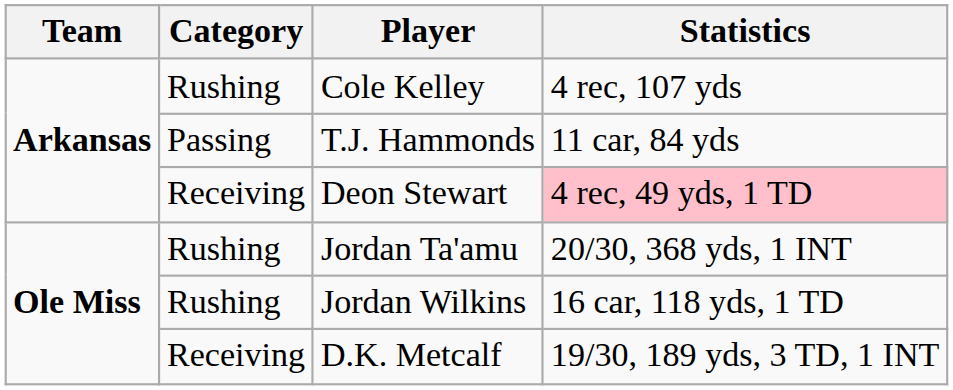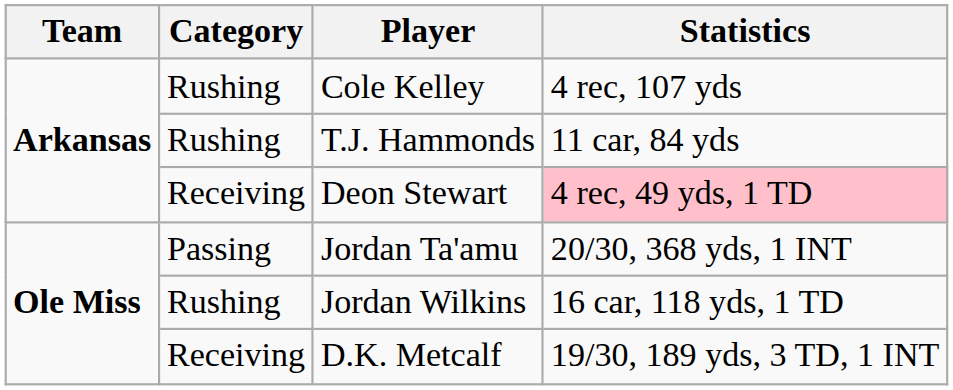 <table class="wikitable" style="float: right;">
 <tr>
 <th>Team</th>
 <th>Category</th>
 <th>Player</th>
 <th>Statistics</th>
 </tr>
 <tr>
 <td rowspan=3><strong>Arkansas</strong></td>
 <td>Rushing</td>
 <td>Cole Kelley</td>
 <td>4 rec, 107 yds</td>
 </tr>
 <tr>
-<td>Passing</td>
+<td>Rushing</td>
 <td>T.J. Hammonds</td>
 <td>11 car, 84 yds</td>
 </tr>
 <tr>
 <td>Receiving</td>
 <td>Deon Stewart</td>
 <td style="background: pink;">4 rec, 49 yds, 1 TD</td>
 </tr>
 <tr>
 <td rowspan=3><strong>Ole Miss</strong></td>
-<td>Rushing</td>
+<td>Passing</td>
 <td>Jordan Ta'amu</td>
 <td>20/30, 368 yds, 1 INT</td>
 </tr>
 <tr>
 <td>Rushing</td>
 <td>Jordan Wilkins</td>
 <td>16 car, 118 yds, 1 TD</td>
 </tr>
 <tr>
 <td>Receiving</td>
 <td>D.K. Metcalf</td>
 <td>19/30, 189 yds, 3 TD, 1 INT</td>
 </tr>
 </table>
